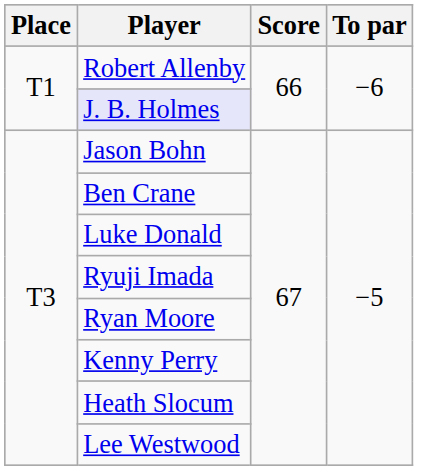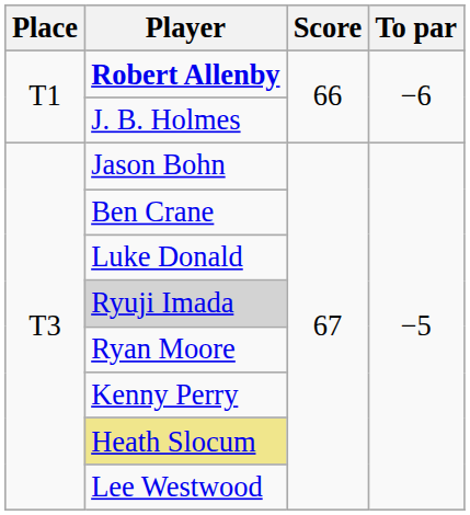 <table class="wikitable">
 <tr>
 <th>Place</th>
 <th>Player</th>
 <th>Score</th>
 <th>To par</th>
 </tr>
 <tr>
 <td style="text-align:center;" rowspan="2">T1</td>
-<td> <a href='#'>Robert Allenby</a></td>
+<td><strong> <a href='#'>Robert Allenby</a></strong></td>
 <td rowspan="2" style="text-align:center;">66</td>
 <td rowspan="2" style="text-align:center;">−6</td>
 </tr>
 <tr>
-<td style="background: lavender;"> <a href='#'>J. B. Holmes</a></td>
+<td> <a href='#'>J. B. Holmes</a></td>
 </tr>
 <tr>
 <td style="text-align:center;" rowspan="8">T3</td>
 <td> <a href='#'>Jason Bohn</a></td>
 <td rowspan="8" style="text-align:center;">67</td>
 <td rowspan="8" style="text-align:center;">−5</td>
 </tr>
 <tr>
 <td> <a href='#'>Ben Crane</a></td>
 </tr>
 <tr>
 <td> <a href='#'>Luke Donald</a></td>
 </tr>
 <tr>
-<td> <a href='#'>Ryuji Imada</a></td>
+<td style="background: lightgrey;"> <a href='#'>Ryuji Imada</a></td>
 </tr>
 <tr>
 <td> <a href='#'>Ryan Moore</a></td>
 </tr>
 <tr>
 <td> <a href='#'>Kenny Perry</a></td>
 </tr>
 <tr>
-<td> <a href='#'>Heath Slocum</a></td>
+<td style="background: khaki;"> <a href='#'>Heath Slocum</a></td>
 </tr>
 <tr>
 <td> <a href='#'>Lee Westwood</a></td>
 </tr>
 </table>
